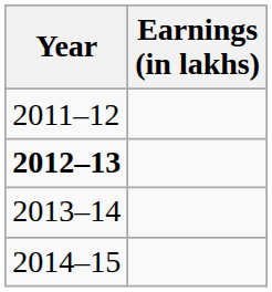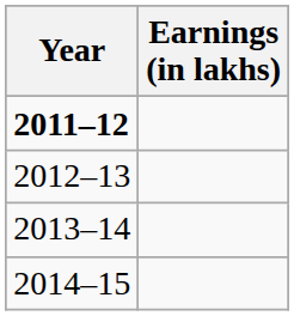 <table class="wikitable sortable">
 <tr>
 <th>Year</th>
 <th>Earnings<br>(in lakhs)</th>
 </tr>
 <tr>
-<td>2011–12</td>
+<td><strong>2011–12</strong></td>
 <td></td>
 </tr>
 <tr>
-<td><strong>2012–13</strong></td>
+<td>2012–13</td>
 <td></td>
 </tr>
 <tr>
 <td>2013–14</td>
 <td></td>
 </tr>
 <tr>
 <td>2014–15</td>
 <td></td>
 </tr>
 </table>
